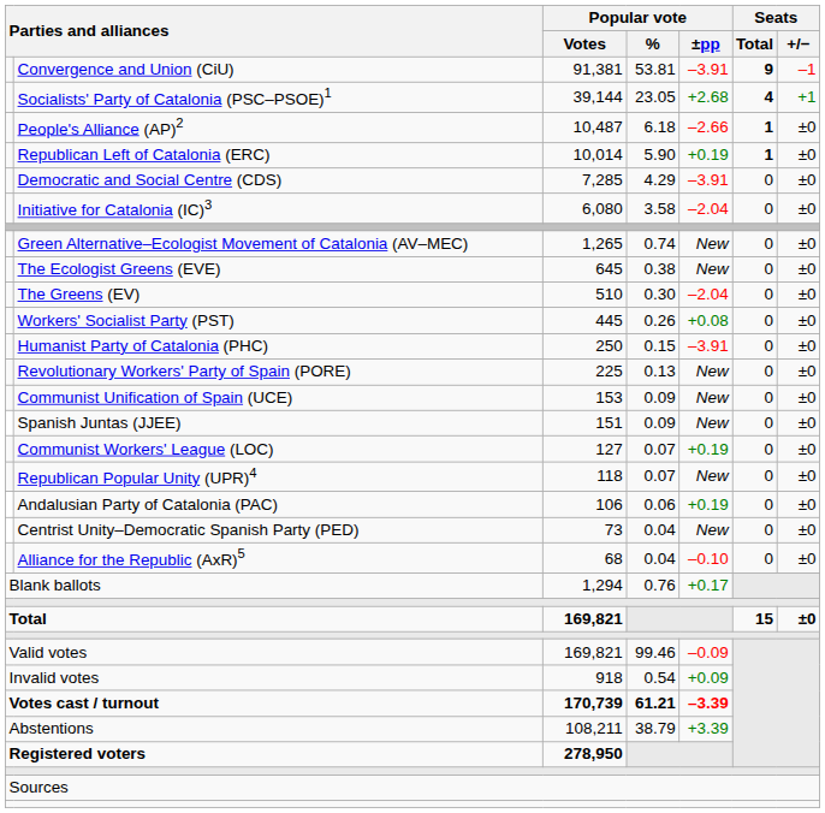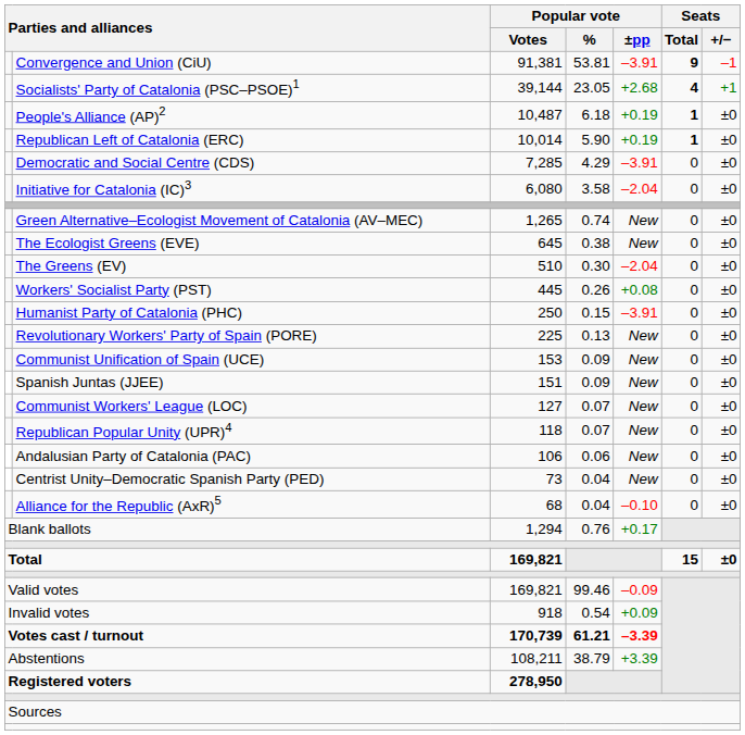 <table class="wikitable" style="text-align:right;">
 <tr>
 <th style="text-align:left;" rowspan="2" colspan="2" width="525">Parties and alliances</th>
 <th colspan="3">Popular vote</th>
 <th colspan="2">Seats</th>
 </tr>
 <tr>
 <th width="75">Votes</th>
 <th width="45">%</th>
 <th width="45">±<a href='#'>pp</a></th>
 <th width="35">Total</th>
 <th width="35">+/−</th>
 </tr>
 <tr>
 <td width="1" style="color:inherit;background:"></td>
 <td align="left"><a href='#'>Convergence and Union</a> (CiU)</td>
 <td>91,381</td>
 <td>53.81</td>
 <td style="color:red;">–3.91</td>
 <td><strong>9</strong></td>
 <td style="color:red;">–1</td>
 </tr>
 <tr>
 <td style="color:inherit;background:"></td>
 <td align="left"><a href='#'>Socialists' Party of Catalonia</a> (PSC–PSOE)<sup>1</sup></td>
 <td>39,144</td>
 <td>23.05</td>
 <td style="color:green;">+2.68</td>
 <td><strong>4</strong></td>
 <td style="color:green;">+1</td>
 </tr>
 <tr>
 <td style="color:inherit;background:"></td>
 <td align="left"><a href='#'>People's Alliance</a> (AP)<sup>2</sup></td>
 <td>10,487</td>
 <td>6.18</td>
-<td style="color:red;">–2.66</td>
+<td style="color:green;">+0.19</td>
 <td><strong>1</strong></td>
 <td>±0</td>
 </tr>
 <tr>
 <td style="color:inherit;background:"></td>
 <td align="left"><a href='#'>Republican Left of Catalonia</a> (ERC)</td>
 <td>10,014</td>
 <td>5.90</td>
 <td style="color:green;">+0.19</td>
 <td><strong>1</strong></td>
 <td>±0</td>
 </tr>
 <tr>
 <td style="color:inherit;background:"></td>
 <td align="left"><a href='#'>Democratic and Social Centre</a> (CDS)</td>
 <td>7,285</td>
 <td>4.29</td>
 <td style="color:red;">–3.91</td>
 <td>0</td>
 <td>±0</td>
 </tr>
 <tr>
 <td style="color:inherit;background:"></td>
 <td align="left"><a href='#'>Initiative for Catalonia</a> (IC)<sup>3</sup></td>
 <td>6,080</td>
 <td>3.58</td>
 <td style="color:red;">–2.04</td>
 <td>0</td>
 <td>±0</td>
 </tr>
 <tr>
 <td colspan="7" bgcolor="#C0C0C0"></td>
 </tr>
 <tr>
 <td style="color:inherit;background:"></td>
 <td align="left"><a href='#'>Green Alternative–Ecologist Movement of Catalonia</a> (AV–MEC)</td>
 <td>1,265</td>
 <td>0.74</td>
 <td><em>New</em></td>
 <td>0</td>
 <td>±0</td>
 </tr>
 <tr>
 <td style="color:inherit;background:"></td>
 <td align="left"><a href='#'>The Ecologist Greens</a> (EVE)</td>
 <td>645</td>
 <td>0.38</td>
 <td><em>New</em></td>
 <td>0</td>
 <td>±0</td>
 </tr>
 <tr>
 <td style="color:inherit;background:"></td>
 <td align="left"><a href='#'>The Greens</a> (EV)</td>
 <td>510</td>
 <td>0.30</td>
 <td style="color:red;">–2.04</td>
 <td>0</td>
 <td>±0</td>
 </tr>
 <tr>
 <td style="color:inherit;background:"></td>
 <td align="left"><a href='#'>Workers' Socialist Party</a> (PST)</td>
 <td>445</td>
 <td>0.26</td>
 <td style="color:green;">+0.08</td>
 <td>0</td>
 <td>±0</td>
 </tr>
 <tr>
 <td style="color:inherit;background:"></td>
 <td align="left"><a href='#'>Humanist Party of Catalonia</a> (PHC)</td>
 <td>250</td>
 <td>0.15</td>
 <td style="color:red;">–3.91</td>
 <td>0</td>
 <td>±0</td>
 </tr>
 <tr>
 <td style="color:inherit;background:"></td>
 <td align="left"><a href='#'>Revolutionary Workers' Party of Spain</a> (PORE)</td>
 <td>225</td>
 <td>0.13</td>
 <td><em>New</em></td>
 <td>0</td>
 <td>±0</td>
 </tr>
 <tr>
 <td style="color:inherit;background:"></td>
 <td align="left"><a href='#'>Communist Unification of Spain</a> (UCE)</td>
 <td>153</td>
 <td>0.09</td>
 <td><em>New</em></td>
 <td>0</td>
 <td>±0</td>
 </tr>
 <tr>
 <td bgcolor="white"></td>
 <td align="left">Spanish Juntas (JJEE)</td>
 <td>151</td>
 <td>0.09</td>
 <td><em>New</em></td>
 <td>0</td>
 <td>±0</td>
 </tr>
 <tr>
 <td style="color:inherit;background:"></td>
 <td align="left"><a href='#'>Communist Workers' League</a> (LOC)</td>
 <td>127</td>
 <td>0.07</td>
-<td style="color:green;">+0.19</td>
+<td><em>New</em></td>
 <td>0</td>
 <td>±0</td>
 </tr>
 <tr>
 <td style="color:inherit;background:"></td>
 <td align="left"><a href='#'>Republican Popular Unity</a> (UPR)<sup>4</sup></td>
 <td>118</td>
 <td>0.07</td>
 <td><em>New</em></td>
 <td>0</td>
 <td>±0</td>
 </tr>
 <tr>
 <td bgcolor="white"></td>
 <td align="left">Andalusian Party of Catalonia (PAC)</td>
 <td>106</td>
 <td>0.06</td>
-<td style="color:green;">+0.19</td>
+<td><em>New</em></td>
 <td>0</td>
 <td>±0</td>
 </tr>
 <tr>
 <td bgcolor="white"></td>
 <td align="left">Centrist Unity–Democratic Spanish Party (PED)</td>
 <td>73</td>
 <td>0.04</td>
 <td><em>New</em></td>
 <td>0</td>
 <td>±0</td>
 </tr>
 <tr>
 <td style="color:inherit;background:"></td>
 <td align="left"><a href='#'>Alliance for the Republic</a> (AxR)<sup>5</sup></td>
 <td>68</td>
 <td>0.04</td>
 <td style="color:red;">–0.10</td>
 <td>0</td>
 <td>±0</td>
 </tr>
 <tr>
 <td align="left" colspan="2">Blank ballots</td>
 <td>1,294</td>
 <td>0.76</td>
 <td style="color:green;">+0.17</td>
 <td bgcolor="#E9E9E9" colspan="2"></td>
 </tr>
 <tr>
 <td colspan="7" bgcolor="#E9E9E9"></td>
 </tr>
 <tr style="font-weight:bold;">
 <td align="left" colspan="2">Total</td>
 <td>169,821</td>
 <td bgcolor="#E9E9E9" colspan="2"></td>
 <td>15</td>
 <td>±0</td>
 </tr>
 <tr>
 <td colspan="7" bgcolor="#E9E9E9"></td>
 </tr>
 <tr>
 <td align="left" colspan="2">Valid votes</td>
 <td>169,821</td>
 <td>99.46</td>
 <td style="color:red;">–0.09</td>
 <td bgcolor="#E9E9E9" colspan="2" rowspan="5"></td>
 </tr>
 <tr>
 <td align="left" colspan="2">Invalid votes</td>
 <td>918</td>
 <td>0.54</td>
 <td style="color:green;">+0.09</td>
 </tr>
 <tr style="font-weight:bold;">
 <td align="left" colspan="2">Votes cast / turnout</td>
 <td>170,739</td>
 <td>61.21</td>
 <td style="color:red;">–3.39</td>
 </tr>
 <tr>
 <td align="left" colspan="2">Abstentions</td>
 <td>108,211</td>
 <td>38.79</td>
 <td style="color:green;">+3.39</td>
 </tr>
 <tr style="font-weight:bold;">
 <td align="left" colspan="2">Registered voters</td>
 <td>278,950</td>
 <td bgcolor="#E9E9E9" colspan="2"></td>
 </tr>
 <tr>
 <td colspan="7" bgcolor="#E9E9E9"></td>
 </tr>
 <tr>
 <td align="left" colspan="7">Sources</td>
 </tr>
 <tr>
 <td colspan="7" style="text-align:left; max-width:790px;"></td>
 </tr>
 </table>
